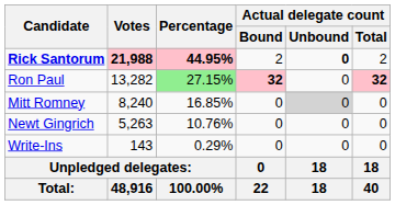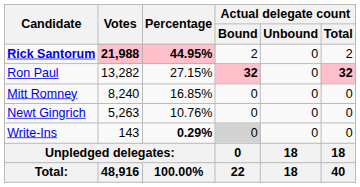 <table class="wikitable" style="text-align:right;">
 <tr>
 <th rowspan="2">Candidate</th>
 <th rowspan="2">Votes</th>
 <th rowspan="2">Percentage</th>
 <th colspan="3" style="vertical-align:middle;">Actual delegate count</th>
 </tr>
 <tr>
 <th>Bound</th>
 <th>Unbound</th>
 <th>Total</th>
 </tr>
 <tr>
 <td style="text-align:left;"> <strong><a href='#'>Rick Santorum</a></strong></td>
 <td style="background:pink;"><strong>21,988</strong></td>
 <td style="background:pink;"><strong>44.95%</strong></td>
 <td>2</td>
-<td><strong>0</strong></td>
+<td>0</td>
 <td>2</td>
 </tr>
 <tr>
 <td style="text-align:left;"><a href='#'>Ron Paul</a></td>
 <td>13,282</td>
-<td style="background: lightgreen;">27.15%</td>
+<td>27.15%</td>
 <td style="background:pink;"><strong>32</strong></td>
 <td>0</td>
 <td style="background:pink;"><strong>32</strong></td>
 </tr>
 <tr>
 <td style="text-align:left;"><a href='#'>Mitt Romney</a></td>
 <td>8,240</td>
 <td>16.85%</td>
 <td>0</td>
-<td style="background: lightgrey;">0</td>
+<td>0</td>
 <td>0</td>
 </tr>
 <tr>
 <td style="text-align:left;"><a href='#'>Newt Gingrich</a></td>
 <td>5,263</td>
 <td>10.76%</td>
 <td>0</td>
 <td>0</td>
 <td>0</td>
 </tr>
 <tr>
 <td style="text-align:left;"><a href='#'>Write-Ins</a></td>
 <td>143</td>
-<td>0.29%</td>
-<td>0</td>
+<td><strong>0.29%</strong></td>
+<td style="background: lightgrey;">0</td>
 <td>0</td>
 <td>0</td>
 </tr>
 <tr style="background:#eee;">
 <th colspan="3">Unpledged delegates:</th>
 <th>0</th>
 <th>18</th>
 <th>18</th>
 </tr>
 <tr style="background:#eee;">
 <th>Total:</th>
 <th>48,916</th>
 <th>100.00%</th>
 <th>22</th>
 <th>18</th>
 <th>40</th>
 </tr>
 </table>
